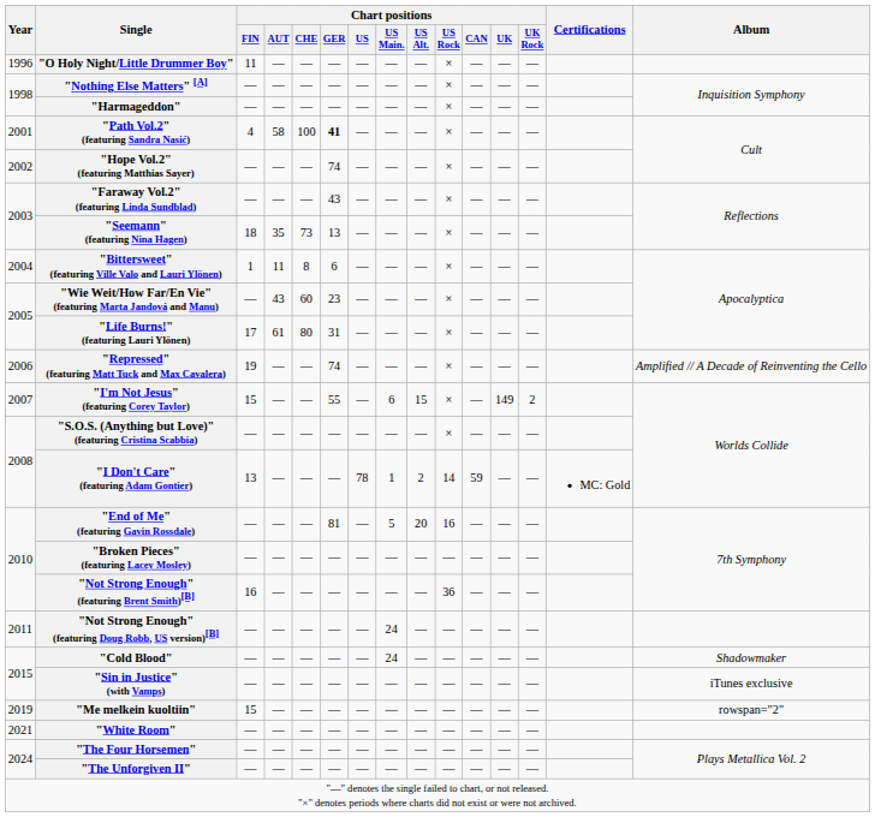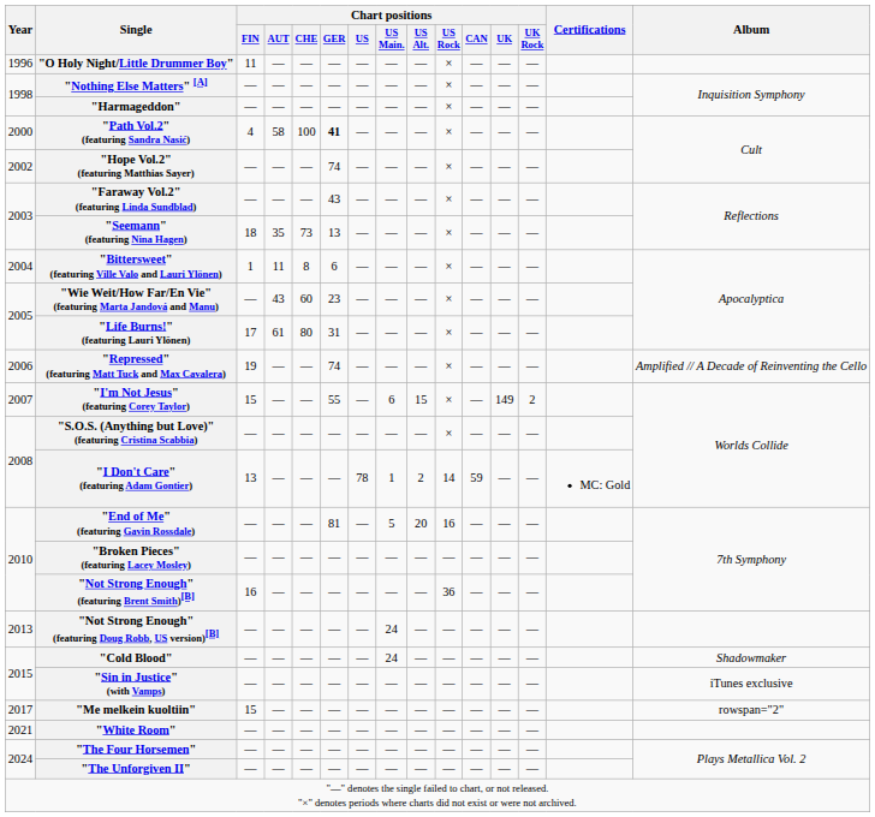 <table class="wikitable plainrowheaders" style="text-align:center;">
 <tr>
 <th rowspan="2">Year</th>
 <th rowspan="2">Single</th>
 <th colspan="11">Chart positions</th>
 <th rowspan="2"><a href='#'>Certifications</a></th>
 <th rowspan="2">Album</th>
 </tr>
 <tr style="font-size:smaller;">
 <th width="30"><a href='#'>FIN</a><br></th>
 <th width="30"><a href='#'>AUT</a><br></th>
 <th width="30"><a href='#'>CHE</a><br></th>
 <th width="30"><a href='#'>GER</a><br></th>
 <th width="30"><a href='#'>US</a><br></th>
 <th width="30"><a href='#'>US<br>Main.</a><br></th>
 <th width="30"><a href='#'>US<br>Alt.</a><br></th>
 <th><a href='#'>US</a><br><a href='#'>Rock</a><br></th>
 <th width="30"><a href='#'>CAN</a><br></th>
 <th width="30"><a href='#'>UK</a><br></th>
 <th width="30"><a href='#'>UK Rock</a></th>
 </tr>
 <tr>
 <td>1996</td>
 <th scope="row" align="left">"O Holy Night/<a href='#'>Little Drummer Boy</a>"</th>
 <td>11</td>
 <td>—</td>
 <td>—</td>
 <td>—</td>
 <td>—</td>
 <td>—</td>
 <td>—</td>
 <td>×</td>
 <td>—</td>
 <td>—</td>
 <td>—</td>
 <td></td>
 <td></td>
 </tr>
 <tr>
 <td rowspan="2">1998</td>
 <th scope="row" align="left">"<a href='#'>Nothing Else Matters</a>" <sup><span></span><a href='#'><strong>[A]</strong></a></sup></th>
 <td>—</td>
 <td>—</td>
 <td>—</td>
 <td>—</td>
 <td>—</td>
 <td>—</td>
 <td>—</td>
 <td>×</td>
 <td>—</td>
 <td>—</td>
 <td>—</td>
 <td></td>
 <td rowspan="2"><em>Inquisition Symphony</em></td>
 </tr>
 <tr>
 <th scope="row" align="left">"Harmageddon"</th>
 <td>—</td>
 <td>—</td>
 <td>—</td>
 <td>—</td>
 <td>—</td>
 <td>—</td>
 <td>—</td>
 <td>×</td>
 <td>—</td>
 <td>—</td>
 <td>—</td>
 <td></td>
 </tr>
 <tr>
-<td>2001</td>
+<td>2000</td>
 <th scope="row" align="left">"<a href='#'>Path Vol.2</a>"<br><small>(featuring <a href='#'>Sandra Nasić</a>)</small></th>
 <td>4</td>
 <td>58</td>
 <td>100</td>
 <td><strong>41</strong></td>
 <td>—</td>
 <td>—</td>
 <td>—</td>
 <td>×</td>
 <td>—</td>
 <td>—</td>
 <td>—</td>
 <td></td>
 <td rowspan="2"><em>Cult</em></td>
 </tr>
 <tr>
 <td>2002</td>
 <th scope="row" align="left">"Hope Vol.2"<br><small>(featuring Matthias Sayer)</small></th>
 <td>—</td>
 <td>—</td>
 <td>—</td>
 <td>74</td>
 <td>—</td>
 <td>—</td>
 <td>—</td>
 <td>×</td>
 <td>—</td>
 <td>—</td>
 <td>—</td>
 <td></td>
 </tr>
 <tr>
 <td rowspan="2">2003</td>
 <th scope="row" align="left">"Faraway Vol.2"<br><small>(featuring <a href='#'>Linda Sundblad</a>)</small></th>
 <td>—</td>
 <td>—</td>
 <td>—</td>
 <td>43</td>
 <td>—</td>
 <td>—</td>
 <td>—</td>
 <td>×</td>
 <td>—</td>
 <td>—</td>
 <td>—</td>
 <td></td>
 <td rowspan="2"><em>Reflections</em></td>
 </tr>
 <tr>
 <th scope="row" align="left">"<a href='#'>Seemann</a>"<br><small>(featuring <a href='#'>Nina Hagen</a>)</small></th>
 <td>18</td>
 <td>35</td>
 <td>73</td>
 <td>13</td>
 <td>—</td>
 <td>—</td>
 <td>—</td>
 <td>×</td>
 <td>—</td>
 <td>—</td>
 <td>—</td>
 <td></td>
 </tr>
 <tr>
 <td>2004</td>
 <th scope="row" align="left">"<a href='#'>Bittersweet</a>"<br><small>(featuring <a href='#'>Ville Valo</a> and <a href='#'>Lauri Ylönen</a>)</small></th>
 <td>1</td>
 <td>11</td>
 <td>8</td>
 <td>6</td>
 <td>—</td>
 <td>—</td>
 <td>—</td>
 <td>×</td>
 <td>—</td>
 <td>—</td>
 <td>—</td>
 <td></td>
 <td rowspan="3"><em>Apocalyptica</em></td>
 </tr>
 <tr>
 <td rowspan="2">2005</td>
 <th scope="row" align="left">"Wie Weit/How Far/En Vie"<br><small>(featuring <a href='#'>Marta Jandová</a> and <a href='#'>Manu</a>)</small></th>
 <td>—</td>
 <td>43</td>
 <td>60</td>
 <td>23</td>
 <td>—</td>
 <td>—</td>
 <td>—</td>
 <td>×</td>
 <td>—</td>
 <td>—</td>
 <td>—</td>
 <td></td>
 </tr>
 <tr>
 <th scope="row" align="left">"<a href='#'>Life Burns!</a>"<br><small>(featuring Lauri Ylönen)</small></th>
 <td>17</td>
 <td>61</td>
 <td>80</td>
 <td>31</td>
 <td>—</td>
 <td>—</td>
 <td>—</td>
 <td>×</td>
 <td>—</td>
 <td>—</td>
 <td>—</td>
 <td></td>
 </tr>
 <tr>
 <td>2006</td>
 <th scope="row" align="left">"<a href='#'>Repressed</a>"<br><small>(featuring <a href='#'>Matt Tuck</a> and <a href='#'>Max Cavalera</a>)</small></th>
 <td>19</td>
 <td>—</td>
 <td>—</td>
 <td>74</td>
 <td>—</td>
 <td>—</td>
 <td>—</td>
 <td>×</td>
 <td>—</td>
 <td>—</td>
 <td>—</td>
 <td></td>
 <td><em>Amplified // A Decade of Reinventing the Cello</em></td>
 </tr>
 <tr>
 <td>2007</td>
 <th scope="row" align="left">"<a href='#'>I'm Not Jesus</a>"<br><small>(featuring <a href='#'>Corey Taylor</a>)</small></th>
 <td>15</td>
 <td>—</td>
 <td>—</td>
 <td>55</td>
 <td>—</td>
 <td>6</td>
 <td>15</td>
 <td>×</td>
 <td>—</td>
 <td>149</td>
 <td>2</td>
 <td></td>
 <td rowspan="3"><em>Worlds Collide</em></td>
 </tr>
 <tr>
 <td rowspan="2">2008</td>
 <th scope="row" align="left">"S.O.S. (Anything but Love)"<br><small>(featuring <a href='#'>Cristina Scabbia</a>)</small></th>
 <td>—</td>
 <td>—</td>
 <td>—</td>
 <td>—</td>
 <td>—</td>
 <td>—</td>
 <td>—</td>
 <td>×</td>
 <td>—</td>
 <td>—</td>
 <td>—</td>
 <td></td>
 </tr>
 <tr>
 <th scope="row" align="left">"<a href='#'>I Don't Care</a>"<br><small>(featuring <a href='#'>Adam Gontier</a>)</small></th>
 <td>13</td>
 <td>—</td>
 <td>—</td>
 <td>—</td>
 <td>78</td>
 <td>1</td>
 <td>2</td>
 <td>14</td>
 <td>59</td>
 <td>—</td>
 <td>—</td>
 <td><br><ul><li>MC: Gold</li></ul></td>
 </tr>
 <tr>
 <td rowspan="3">2010</td>
 <th scope="row" align="left">"<a href='#'>End of Me</a>"<br><small>(featuring <a href='#'>Gavin Rossdale</a>)</small></th>
 <td>—</td>
 <td>—</td>
 <td>—</td>
 <td>81</td>
 <td>—</td>
 <td>5</td>
 <td>20</td>
 <td>16</td>
 <td>—</td>
 <td>—</td>
 <td>—</td>
 <td></td>
 <td rowspan="3"><em>7th Symphony</em></td>
 </tr>
 <tr>
 <th scope="row" align="left">"Broken Pieces"<br><small>(featuring <a href='#'>Lacey Mosley</a>)</small></th>
 <td>—</td>
 <td>—</td>
 <td>—</td>
 <td>—</td>
 <td>—</td>
 <td>—</td>
 <td>—</td>
 <td>—</td>
 <td>—</td>
 <td>—</td>
 <td>—</td>
 <td></td>
 </tr>
 <tr>
 <th scope="row" align="left">"<a href='#'>Not Strong Enough</a>"<br><small>(featuring <a href='#'>Brent Smith</a>)</small><sup><span></span><a href='#'><strong>[B]</strong></a></sup></th>
 <td>16</td>
 <td>—</td>
 <td>—</td>
 <td>—</td>
 <td>—</td>
 <td>—</td>
 <td>—</td>
 <td>36</td>
 <td>—</td>
 <td>—</td>
 <td>—</td>
 <td></td>
 </tr>
 <tr>
-<td>2011</td>
+<td>2013</td>
 <th scope="row" align="left">"Not Strong Enough"<br><small>(featuring <a href='#'>Doug Robb</a>, <a href='#'>US</a> version)</small><sup><span></span><a href='#'><strong>[B]</strong></a></sup></th>
 <td>—</td>
 <td>—</td>
 <td>—</td>
 <td>—</td>
 <td>—</td>
 <td>24</td>
 <td>—</td>
 <td>—</td>
 <td>—</td>
 <td>—</td>
 <td>—</td>
 <td></td>
 <td></td>
 </tr>
 <tr>
 <td rowspan="2">2015</td>
 <th scope="row" align="left">"Cold Blood"</th>
 <td>—</td>
 <td>—</td>
 <td>—</td>
 <td>—</td>
 <td>—</td>
 <td>24</td>
 <td>—</td>
 <td>—</td>
 <td>—</td>
 <td>—</td>
 <td>—</td>
 <td></td>
 <td><em>Shadowmaker</em></td>
 </tr>
 <tr>
 <th scope="row" align="left">"<a href='#'>Sin in Justice</a>"<br><small>(with <a href='#'>Vamps</a>)</small></th>
 <td>—</td>
 <td>—</td>
 <td>—</td>
 <td>—</td>
 <td>—</td>
 <td>—</td>
 <td>—</td>
 <td>—</td>
 <td>—</td>
 <td>—</td>
 <td>—</td>
 <td></td>
 <td>iTunes exclusive</td>
 </tr>
 <tr>
-<td>2019</td>
+<td>2017</td>
 <th scope="row" align="left">"Me melkein kuoltiin"<br></th>
 <td>15<br></td>
 <td>—</td>
 <td>—</td>
 <td>—</td>
 <td>—</td>
 <td>—</td>
 <td>—</td>
 <td>—</td>
 <td>—</td>
 <td>—</td>
 <td>—</td>
 <td></td>
 <td>rowspan="2"</td>
 </tr>
 <tr>
 <td>2021</td>
 <th scope="row" align="left">"<a href='#'>White Room</a>"<br></th>
 <td>—</td>
 <td>—</td>
 <td>—</td>
 <td>—</td>
 <td>—</td>
 <td>—</td>
 <td>—</td>
 <td>—</td>
 <td>—</td>
 <td>—</td>
 <td>—</td>
 <td></td>
 </tr>
 <tr>
 <td rowspan="2">2024</td>
 <th scope="row" align="left">"<a href='#'>The Four Horsemen</a>"<br></th>
 <td>—</td>
 <td>—</td>
 <td>—</td>
 <td>—</td>
 <td>—</td>
 <td>—</td>
 <td>—</td>
 <td>—</td>
 <td>—</td>
 <td>—</td>
 <td>—</td>
 <td></td>
 <td rowspan="2"><em>Plays Metallica Vol. 2</em></td>
 </tr>
 <tr>
 <th scope="row" align="left">"<a href='#'>The Unforgiven II</a>"</th>
 <td>—</td>
 <td>—</td>
 <td>—</td>
 <td>—</td>
 <td>—</td>
 <td>—</td>
 <td>—</td>
 <td>—</td>
 <td>—</td>
 <td>—</td>
 <td>—</td>
 <td></td>
 </tr>
 <tr>
 <td colspan="15" align="center"><small>"—" denotes the single failed to chart, or not released.</small><br><small>"×" denotes periods where charts did not exist or were not archived.</small></td>
 </tr>
 </table>
